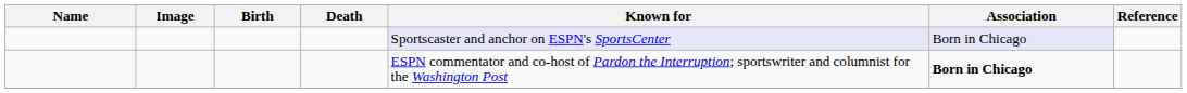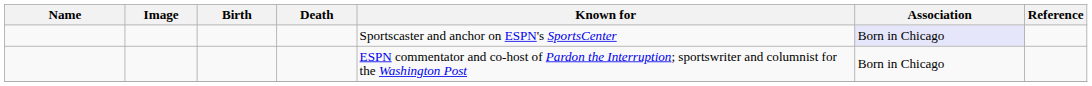 <table class="wikitable sortable">
 <tr>
 <th scope="col" width="140">Name</th>
 <th scope="col" width="80" class="unsortable">Image</th>
 <th scope="col" width="90">Birth</th>
 <th scope="col" width="90">Death</th>
 <th scope="col" width="600" class="unsortable">Known for</th>
 <th scope="col" width="200" class="unsortable">Association</th>
 <th scope="col" width="30" class="unsortable">Reference</th>
 </tr>
 <tr>
 <td></td>
 <td></td>
 <td align=right></td>
 <td align=right></td>
-<td style="background: lavender;">Sportscaster and anchor on <a href='#'>ESPN</a>'s <em><a href='#'>SportsCenter</a></em></td>
+<td>Sportscaster and anchor on <a href='#'>ESPN</a>'s <em><a href='#'>SportsCenter</a></em></td>
 <td style="background: lavender;">Born in Chicago</td>
 <td align="center"></td>
 </tr>
 <tr>
 <td></td>
 <td></td>
 <td align=right></td>
 <td></td>
 <td><a href='#'>ESPN</a> commentator and co-host of <em><a href='#'>Pardon the Interruption</a></em>; sportswriter and columnist for the <em><a href='#'>Washington Post</a></em></td>
-<td><strong>Born in Chicago</strong></td>
+<td>Born in Chicago</td>
 <td align="center"></td>
 </tr>
 <tr>
 </tr>
 </table>
